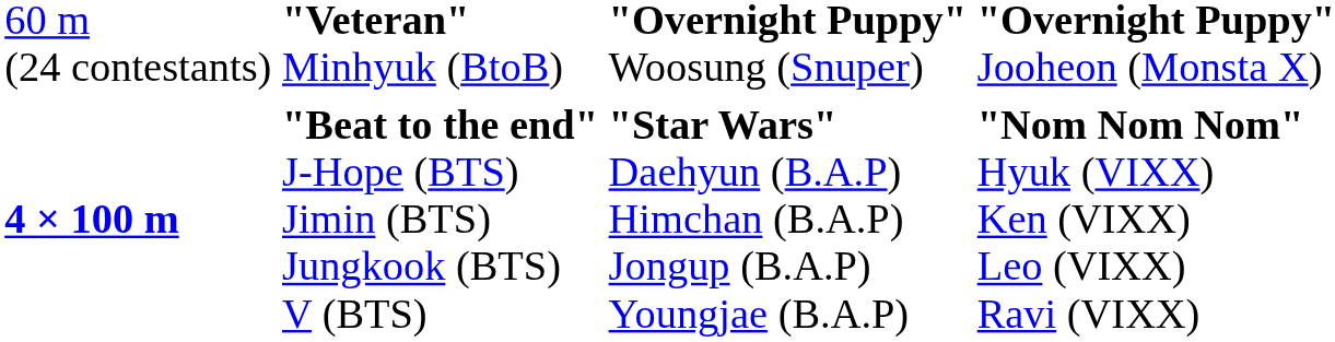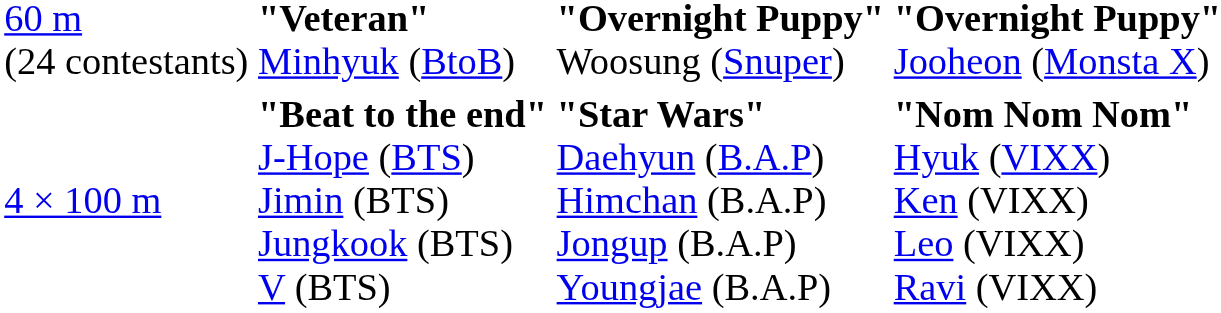 <table>
 <tr>
 <td><a href='#'>60 m</a><br>(24 contestants)</td>
 <td><strong>"Veteran"</strong><br><a href='#'>Minhyuk</a> (<a href='#'>BtoB</a>)</td>
 <td><strong>"Overnight Puppy"</strong><br>Woosung (<a href='#'>Snuper</a>)</td>
 <td><strong>"Overnight Puppy"</strong><br><a href='#'>Jooheon</a> (<a href='#'>Monsta X</a>)</td>
 </tr>
 <tr>
-<td><strong><a href='#'>4 × 100 m</a></strong></td>
+<td><a href='#'>4 × 100 m</a></td>
 <td><strong>"Beat to the end"</strong><br><a href='#'>J-Hope</a> (<a href='#'>BTS</a>)<br><a href='#'>Jimin</a> (BTS)<br><a href='#'>Jungkook</a> (BTS)<br><a href='#'>V</a> (BTS)</td>
 <td><strong>"Star Wars"</strong><br><a href='#'>Daehyun</a> (<a href='#'>B.A.P</a>)<br><a href='#'>Himchan</a> (B.A.P)<br><a href='#'>Jongup</a> (B.A.P)<br><a href='#'>Youngjae</a> (B.A.P)</td>
 <td><strong>"Nom Nom Nom"</strong><br><a href='#'>Hyuk</a> (<a href='#'>VIXX</a>)<br><a href='#'>Ken</a> (VIXX)<br><a href='#'>Leo</a> (VIXX)<br><a href='#'>Ravi</a> (VIXX)</td>
 </tr>
 </table>
